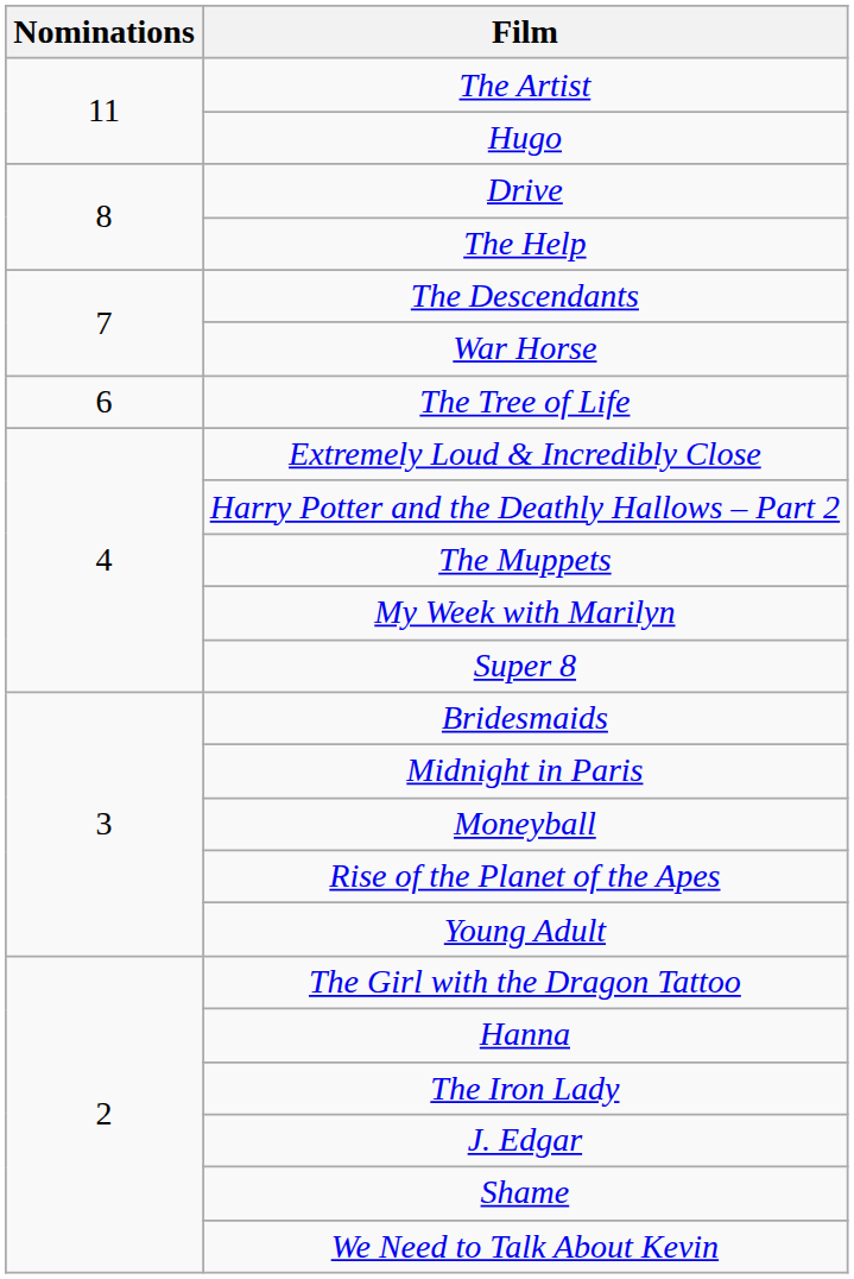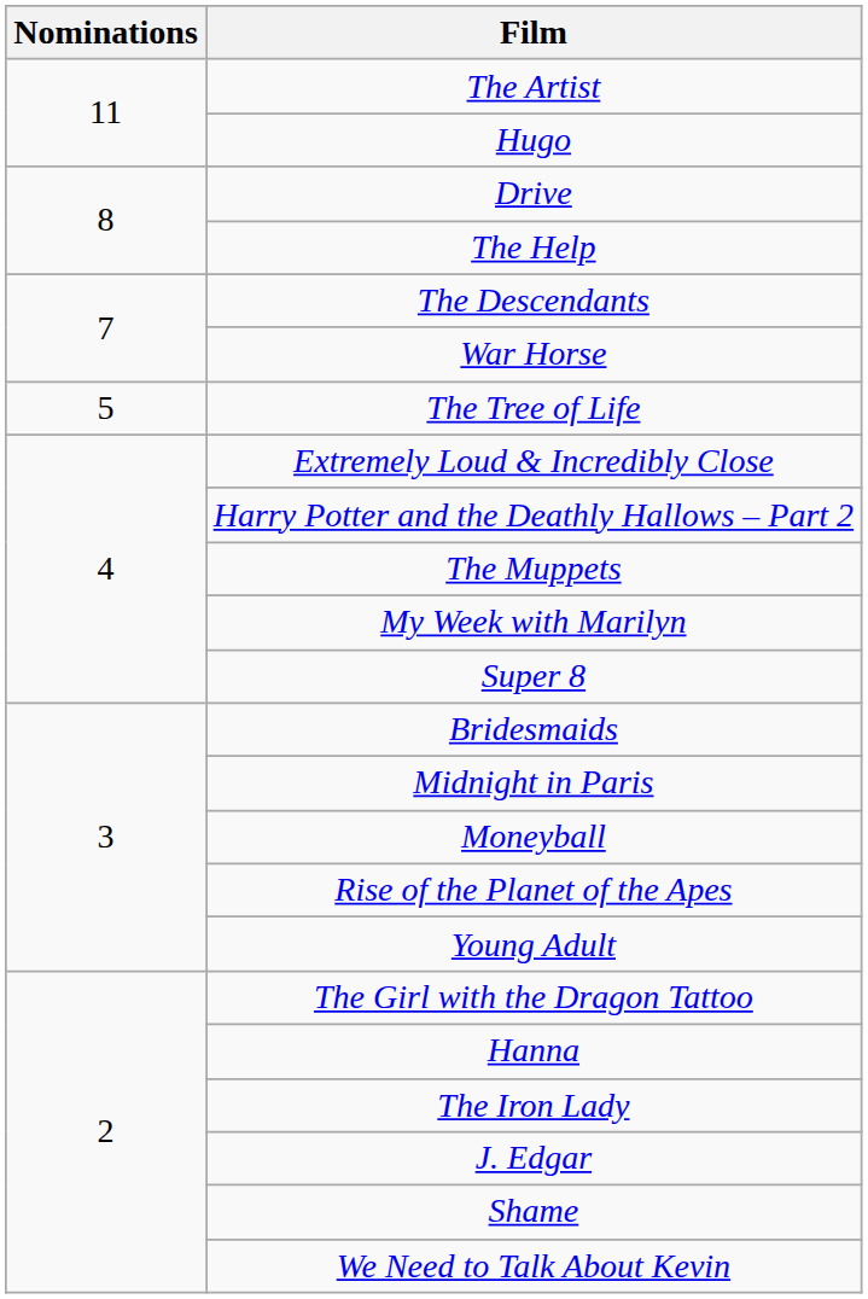 <table class="wikitable" rowspan="2" style="text-align:center;" background: #f6e39c;>
 <tr>
 <th scope="col" style="width:55px;">Nominations</th>
 <th scope="col" style="text-align:center;">Film</th>
 </tr>
 <tr>
 <td rowspan="2">11</td>
 <td><em><a href='#'>The Artist</a></em></td>
 </tr>
 <tr>
 <td><em><a href='#'>Hugo</a></em></td>
 </tr>
 <tr>
 <td rowspan="2">8</td>
 <td><em><a href='#'>Drive</a></em></td>
 </tr>
 <tr>
 <td><em><a href='#'>The Help</a></em></td>
 </tr>
 <tr>
 <td rowspan="2">7</td>
 <td><em><a href='#'>The Descendants</a></em></td>
 </tr>
 <tr>
 <td><em><a href='#'>War Horse</a></em></td>
 </tr>
 <tr>
-<td>6</td>
+<td>5</td>
 <td><em><a href='#'>The Tree of Life</a></em></td>
 </tr>
 <tr>
 <td rowspan="5">4</td>
 <td><em><a href='#'>Extremely Loud & Incredibly Close</a></em></td>
 </tr>
 <tr>
 <td><em><a href='#'>Harry Potter and the Deathly Hallows – Part 2</a></em></td>
 </tr>
 <tr>
 <td><em><a href='#'>The Muppets</a></em></td>
 </tr>
 <tr>
 <td><em><a href='#'>My Week with Marilyn</a></em></td>
 </tr>
 <tr>
 <td><em><a href='#'>Super 8</a></em></td>
 </tr>
 <tr>
 <td rowspan="5">3</td>
 <td><em><a href='#'>Bridesmaids</a></em></td>
 </tr>
 <tr>
 <td><em><a href='#'>Midnight in Paris</a></em></td>
 </tr>
 <tr>
 <td><em><a href='#'>Moneyball</a></em></td>
 </tr>
 <tr>
 <td><em><a href='#'>Rise of the Planet of the Apes</a></em></td>
 </tr>
 <tr>
 <td><em><a href='#'>Young Adult</a></em></td>
 </tr>
 <tr>
 <td rowspan="6">2</td>
 <td><em><a href='#'>The Girl with the Dragon Tattoo</a></em></td>
 </tr>
 <tr>
 <td><em><a href='#'>Hanna</a></em></td>
 </tr>
 <tr>
 <td><em><a href='#'>The Iron Lady</a></em></td>
 </tr>
 <tr>
 <td><em><a href='#'>J. Edgar</a></em></td>
 </tr>
 <tr>
 <td><em><a href='#'>Shame</a></em></td>
 </tr>
 <tr>
 <td><em><a href='#'>We Need to Talk About Kevin</a></em></td>
 </tr>
 </table>
